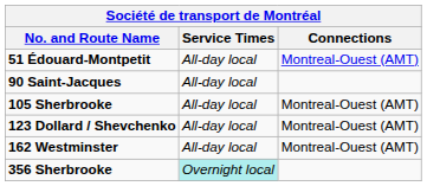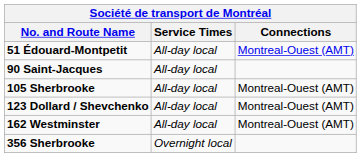 <table class="wikitable">
 <tr>
 <th colspan="3" style="background: #"><a href='#'><span>Société de transport de Montréal</span></a></th>
 </tr>
 <tr>
 <th><a href='#'>No. and Route Name</a></th>
 <th>Service Times</th>
 <th>Connections</th>
 </tr>
 <tr>
 <td> <strong>51 Édouard-Montpetit</strong></td>
 <td><em>All-day local</em></td>
 <td><a href='#'>Montreal-Ouest (AMT)</a></td>
 </tr>
 <tr>
 <td><strong> 90 Saint-Jacques</strong></td>
 <td><em>All-day local</em></td>
 <td></td>
 </tr>
 <tr>
 <td> <strong>105 Sherbrooke</strong></td>
 <td><em>All-day local</em></td>
 <td>Montreal-Ouest (AMT)</td>
 </tr>
 <tr>
 <td> <strong>123 Dollard / Shevchenko</strong></td>
 <td><em>All-day local</em></td>
 <td>Montreal-Ouest (AMT)</td>
 </tr>
 <tr>
 <td><strong> 162 Westminster</strong></td>
 <td><em>All-day local</em></td>
 <td>Montreal-Ouest (AMT)</td>
 </tr>
 <tr>
 <td> <strong>356 Sherbrooke</strong></td>
-<td style="background: paleturquoise;"><em>Overnight local</em></td>
+<td><em>Overnight local</em></td>
 <td></td>
 </tr>
 </table>
